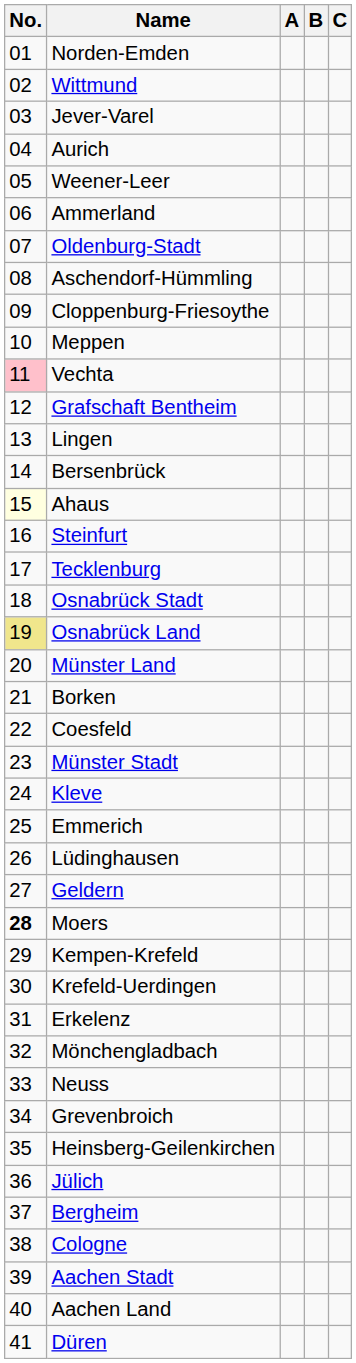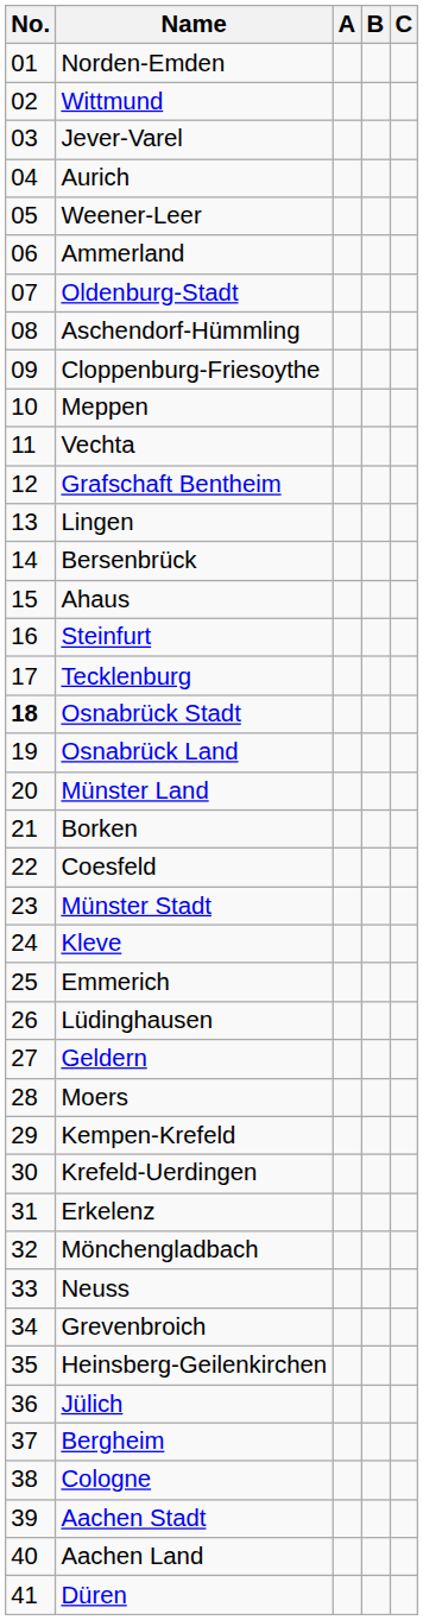 <table class="wikitable sortable">
 <tr>
 <th>No.</th>
 <th>Name</th>
 <th>A</th>
 <th>B</th>
 <th>C</th>
 </tr>
 <tr>
 <td>01</td>
 <td lang="de">Norden-Emden</td>
 <td></td>
 <td></td>
 <td></td>
 </tr>
 <tr>
 <td>02</td>
 <td lang="de"><a href='#'>Wittmund</a></td>
 <td></td>
 <td></td>
 <td></td>
 </tr>
 <tr>
 <td>03</td>
 <td lang="de">Jever-Varel</td>
 <td></td>
 <td></td>
 <td></td>
 </tr>
 <tr>
 <td>04</td>
 <td lang="de">Aurich</td>
 <td></td>
 <td></td>
 <td></td>
 </tr>
 <tr>
 <td>05</td>
 <td lang="de">Weener-Leer</td>
 <td></td>
 <td></td>
 <td></td>
 </tr>
 <tr>
 <td>06</td>
 <td lang="de">Ammerland</td>
 <td></td>
 <td></td>
 <td></td>
 </tr>
 <tr>
 <td>07</td>
 <td lang="de"><a href='#'>Oldenburg-Stadt</a></td>
 <td></td>
 <td></td>
 <td></td>
 </tr>
 <tr>
 <td>08</td>
 <td lang="de">Aschendorf-Hümmling</td>
 <td></td>
 <td></td>
 <td></td>
 </tr>
 <tr>
 <td>09</td>
 <td lang="de">Cloppenburg-Friesoythe</td>
 <td></td>
 <td></td>
 <td></td>
 </tr>
 <tr>
 <td>10</td>
 <td lang="de">Meppen</td>
 <td></td>
 <td></td>
 <td></td>
 </tr>
 <tr>
-<td style="background: pink;">11</td>
+<td>11</td>
 <td lang="de">Vechta</td>
 <td></td>
 <td></td>
 <td></td>
 </tr>
 <tr>
 <td>12</td>
 <td lang="de"><a href='#'>Grafschaft Bentheim</a></td>
 <td></td>
 <td></td>
 <td></td>
 </tr>
 <tr>
 <td>13</td>
 <td lang="de">Lingen</td>
 <td></td>
 <td></td>
 <td></td>
 </tr>
 <tr>
 <td>14</td>
 <td lang="de">Bersenbrück</td>
 <td></td>
 <td></td>
 <td></td>
 </tr>
 <tr>
-<td style="background: lightyellow;">15</td>
+<td>15</td>
 <td lang="de">Ahaus</td>
 <td></td>
 <td></td>
 <td></td>
 </tr>
 <tr>
 <td>16</td>
 <td lang="de"><a href='#'>Steinfurt</a></td>
 <td></td>
 <td></td>
 <td></td>
 </tr>
 <tr>
 <td>17</td>
 <td lang="de"><a href='#'>Tecklenburg</a></td>
 <td></td>
 <td></td>
 <td></td>
 </tr>
 <tr>
-<td>18</td>
+<td><strong>18</strong></td>
 <td lang="de"><a href='#'>Osnabrück Stadt</a></td>
 <td></td>
 <td></td>
 <td></td>
 </tr>
 <tr>
-<td style="background: khaki;">19</td>
+<td>19</td>
 <td lang="de"><a href='#'>Osnabrück Land</a></td>
 <td></td>
 <td></td>
 <td></td>
 </tr>
 <tr>
 <td>20</td>
 <td lang="de"><a href='#'>Münster Land</a></td>
 <td></td>
 <td></td>
 <td></td>
 </tr>
 <tr>
 <td>21</td>
 <td lang="de">Borken</td>
 <td></td>
 <td></td>
 <td></td>
 </tr>
 <tr>
 <td>22</td>
 <td lang="de">Coesfeld</td>
 <td></td>
 <td></td>
 <td></td>
 </tr>
 <tr>
 <td>23</td>
 <td lang="de"><a href='#'>Münster Stadt</a></td>
 <td></td>
 <td></td>
 <td></td>
 </tr>
 <tr>
 <td>24</td>
 <td lang="de"><a href='#'>Kleve</a></td>
 <td></td>
 <td></td>
 <td></td>
 </tr>
 <tr>
 <td>25</td>
 <td lang="de">Emmerich</td>
 <td></td>
 <td></td>
 <td></td>
 </tr>
 <tr>
 <td>26</td>
 <td lang="de">Lüdinghausen</td>
 <td></td>
 <td></td>
 <td></td>
 </tr>
 <tr>
 <td>27</td>
 <td lang="de"><a href='#'>Geldern</a></td>
 <td></td>
 <td></td>
 <td></td>
 </tr>
 <tr>
-<td><strong>28</strong></td>
+<td>28</td>
 <td lang="de">Moers</td>
 <td></td>
 <td></td>
 <td></td>
 </tr>
 <tr>
 <td>29</td>
 <td lang="de">Kempen-Krefeld</td>
 <td></td>
 <td></td>
 <td></td>
 </tr>
 <tr>
 <td>30</td>
 <td lang="de">Krefeld-Uerdingen</td>
 <td></td>
 <td></td>
 <td></td>
 </tr>
 <tr>
 <td>31</td>
 <td lang="de">Erkelenz</td>
 <td></td>
 <td></td>
 <td></td>
 </tr>
 <tr>
 <td>32</td>
 <td lang="de">Mönchengladbach</td>
 <td></td>
 <td></td>
 <td></td>
 </tr>
 <tr>
 <td>33</td>
 <td lang="de">Neuss</td>
 <td></td>
 <td></td>
 <td></td>
 </tr>
 <tr>
 <td>34</td>
 <td lang="de">Grevenbroich</td>
 <td></td>
 <td></td>
 <td></td>
 </tr>
 <tr>
 <td>35</td>
 <td lang="de">Heinsberg-Geilenkirchen</td>
 <td></td>
 <td></td>
 <td></td>
 </tr>
 <tr>
 <td>36</td>
 <td lang="de"><a href='#'>Jülich</a></td>
 <td></td>
 <td></td>
 <td></td>
 </tr>
 <tr>
 <td>37</td>
 <td lang="de"><a href='#'>Bergheim</a></td>
 <td></td>
 <td></td>
 <td></td>
 </tr>
 <tr>
 <td>38</td>
 <td><a href='#'>Cologne</a></td>
 <td></td>
 <td></td>
 <td></td>
 </tr>
 <tr>
 <td>39</td>
 <td lang="de"><a href='#'>Aachen Stadt</a></td>
 <td></td>
 <td></td>
 <td></td>
 </tr>
 <tr>
 <td>40</td>
 <td lang="de">Aachen Land</td>
 <td></td>
 <td></td>
 <td></td>
 </tr>
 <tr>
 <td>41</td>
 <td lang="de"><a href='#'>Düren</a></td>
 <td></td>
 <td></td>
 <td></td>
 </tr>
 </table>
